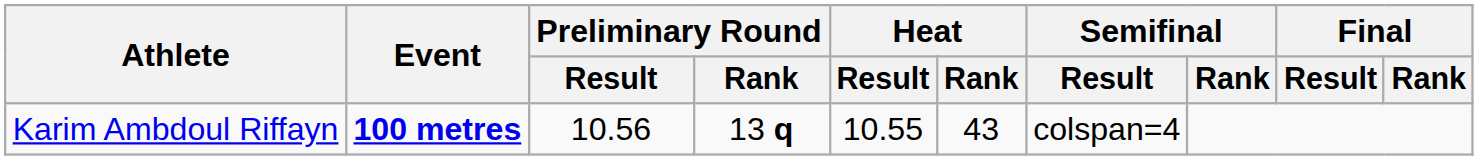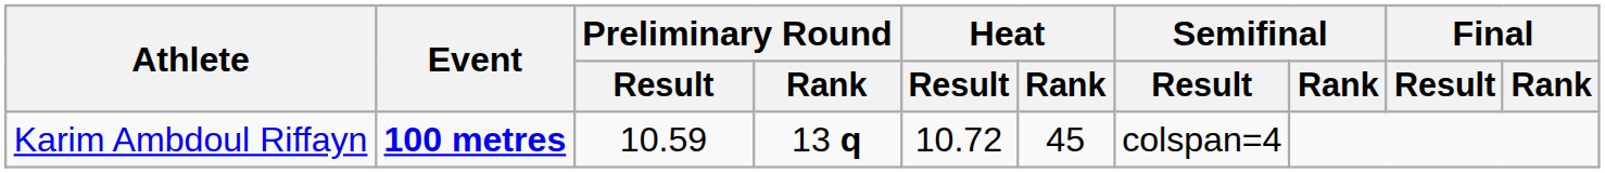 <table class="wikitable" style="font-size:90%">
 <tr>
 <th rowspan="2">Athlete</th>
 <th rowspan="2">Event</th>
 <th colspan="2">Preliminary Round</th>
 <th colspan="2">Heat</th>
 <th colspan="2">Semifinal</th>
 <th colspan="2">Final</th>
 </tr>
 <tr style="font-size:95%">
 <th>Result</th>
 <th>Rank</th>
 <th>Result</th>
 <th>Rank</th>
 <th>Result</th>
 <th>Rank</th>
 <th>Result</th>
 <th>Rank</th>
 </tr>
 <tr style=text-align:center>
 <td style=text-align:left><a href='#'>Karim Ambdoul Riffayn</a></td>
 <td style=text-align:left rowspan=1><strong><a href='#'>100 metres</a></strong></td>
-<td>10.56</td>
+<td>10.59</td>
 <td>13 <strong>q</strong></td>
-<td>10.55</td>
-<td>43</td>
+<td>10.72</td>
+<td>45</td>
 <td>colspan=4 </td>
 </tr>
 </table>
